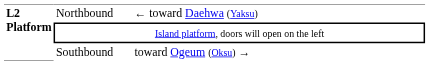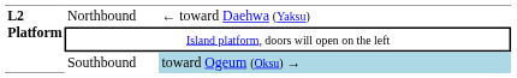 <table table border=0 cellspacing=0 cellpadding=3>
 <tr>
 <td style="border-top:solid 1px gray;border-bottom:solid 1px gray;" width=50 rowspan=10 valign=top><strong>L2<br>Platform</strong></td>
 <td style="border-bottom:solid 0px gray;border-top:solid 1px gray;" width=100>Northbound</td>
 <td style="border-bottom:solid 0px gray;border-top:solid 1px gray;" width=390>←  toward <a href='#'>Daehwa</a> <small>(<a href='#'>Yaksu</a>)</small></td>
 </tr>
 <tr>
 <td style="border-top:solid 2px black;border-right:solid 2px black;border-left:solid 2px black;border-bottom:solid 2px black;text-align:center;" colspan=2><small><a href='#'>Island platform</a>, doors will open on the left</small></td>
 </tr>
 <tr>
 <td>Southbound</td>
-<td>  toward <a href='#'>Ogeum</a> <small>(<a href='#'>Oksu</a>)</small> →</td>
+<td style="background: lightblue;">  toward <a href='#'>Ogeum</a> <small>(<a href='#'>Oksu</a>)</small> →</td>
 </tr>
 </table>
